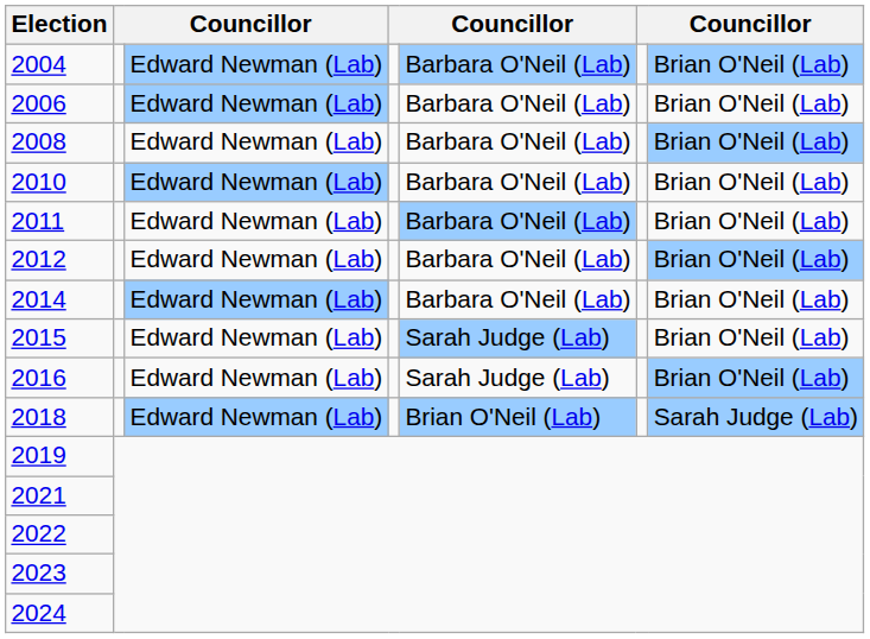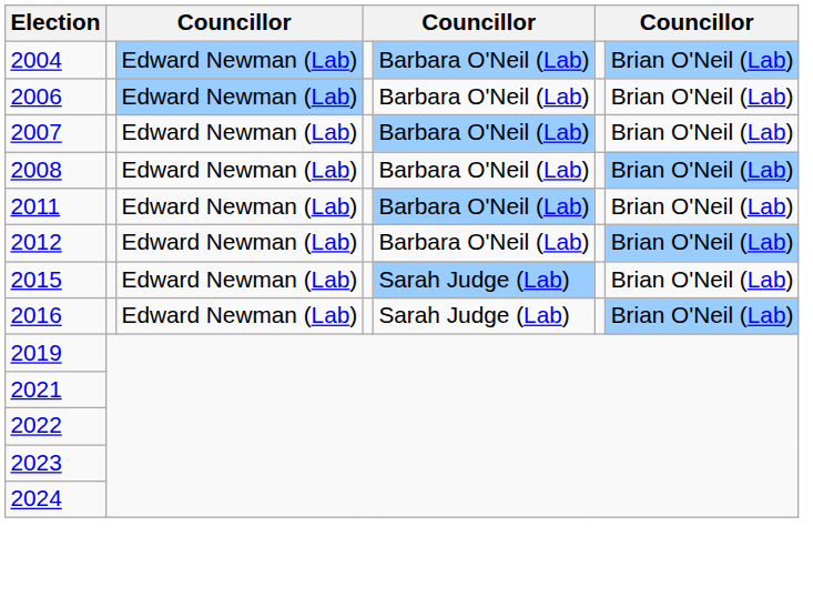 <table class="wikitable">
 <tr>
 <th>Election</th>
 <th colspan="2">Councillor</th>
 <th colspan="2">Councillor</th>
 <th colspan="2">Councillor</th>
 </tr>
 <tr>
 <td><a href='#'>2004</a></td>
 <td style="background-color: "></td>
 <td bgcolor="#99CCFF">Edward Newman (<a href='#'>Lab</a>)</td>
 <td style="background-color: "></td>
 <td bgcolor="#99CCFF">Barbara O'Neil (<a href='#'>Lab</a>)</td>
 <td style="background-color: "></td>
 <td bgcolor="#99CCFF">Brian O'Neil (<a href='#'>Lab</a>)</td>
 </tr>
 <tr>
 <td><a href='#'>2006</a></td>
 <td style="background-color: "></td>
 <td bgcolor="#99CCFF">Edward Newman (<a href='#'>Lab</a>)</td>
 <td style="background-color: "></td>
 <td>Barbara O'Neil (<a href='#'>Lab</a>)</td>
 <td style="background-color: "></td>
 <td>Brian O'Neil (<a href='#'>Lab</a>)</td>
 </tr>
 <tr>
+<td><a href='#'>2007</a></td>
+<td style="background-color: "></td>
+<td>Edward Newman (<a href='#'>Lab</a>)</td>
+<td style="background-color: "></td>
+<td bgcolor="#99CCFF">Barbara O'Neil (<a href='#'>Lab</a>)</td>
+<td style="background-color: "></td>
+<td>Brian O'Neil (<a href='#'>Lab</a>)</td>
+</tr>
+<tr>
 <td><a href='#'>2008</a></td>
 <td style="background-color: "></td>
 <td>Edward Newman (<a href='#'>Lab</a>)</td>
 <td style="background-color: "></td>
 <td>Barbara O'Neil (<a href='#'>Lab</a>)</td>
 <td style="background-color: "></td>
 <td bgcolor="#99CCFF">Brian O'Neil (<a href='#'>Lab</a>)</td>
-</tr>
-<tr>
-<td><a href='#'>2010</a></td>
-<td style="background-color: "></td>
-<td bgcolor="#99CCFF">Edward Newman (<a href='#'>Lab</a>)</td>
-<td style="background-color: "></td>
-<td>Barbara O'Neil (<a href='#'>Lab</a>)</td>
-<td style="background-color: "></td>
-<td>Brian O'Neil (<a href='#'>Lab</a>)</td>
 </tr>
 <tr>
 <td><a href='#'>2011</a></td>
 <td style="background-color: "></td>
 <td>Edward Newman (<a href='#'>Lab</a>)</td>
 <td style="background-color: "></td>
 <td bgcolor="#99CCFF">Barbara O'Neil (<a href='#'>Lab</a>)</td>
 <td style="background-color: "></td>
 <td>Brian O'Neil (<a href='#'>Lab</a>)</td>
 </tr>
 <tr>
 <td><a href='#'>2012</a></td>
 <td style="background-color: "></td>
 <td>Edward Newman (<a href='#'>Lab</a>)</td>
 <td style="background-color: "></td>
 <td>Barbara O'Neil (<a href='#'>Lab</a>)</td>
 <td style="background-color: "></td>
 <td bgcolor="#99CCFF">Brian O'Neil (<a href='#'>Lab</a>)</td>
 </tr>
 <tr>
-<td><a href='#'>2014</a></td>
-<td style="background-color: "></td>
-<td bgcolor="#99CCFF">Edward Newman (<a href='#'>Lab</a>)</td>
-<td style="background-color: "></td>
-<td>Barbara O'Neil (<a href='#'>Lab</a>)</td>
-<td style="background-color: "></td>
-<td>Brian O'Neil (<a href='#'>Lab</a>)</td>
-</tr>
-<tr>
 <td><a href='#'>2015</a></td>
 <td style="background-color: "></td>
 <td>Edward Newman (<a href='#'>Lab</a>)</td>
 <td style="background-color: "></td>
 <td bgcolor="#99CCFF">Sarah Judge (<a href='#'>Lab</a>)</td>
 <td style="background-color: "></td>
 <td>Brian O'Neil (<a href='#'>Lab</a>)</td>
 </tr>
 <tr>
 <td><a href='#'>2016</a></td>
 <td style="background-color: "></td>
 <td>Edward Newman (<a href='#'>Lab</a>)</td>
 <td style="background-color: "></td>
 <td>Sarah Judge (<a href='#'>Lab</a>)</td>
 <td style="background-color: "></td>
 <td bgcolor="#99CCFF">Brian O'Neil (<a href='#'>Lab</a>)</td>
 </tr>
 <tr>
-<td><a href='#'>2018</a></td>
-<td style="background-color: "></td>
-<td bgcolor="#99CCFF">Edward Newman (<a href='#'>Lab</a>)</td>
-<td style="background-color: "></td>
-<td bgcolor="#99CCFF">Brian O'Neil (<a href='#'>Lab</a>)</td>
-<td style="background-color: "></td>
-<td bgcolor="#99CCFF">Sarah Judge (<a href='#'>Lab</a>)</td>
-</tr>
-<tr>
 <td><a href='#'>2019</a><br>  </td>
 </tr>
 <tr>
 <td><a href='#'>2021</a><br>  </td>
 </tr>
 <tr>
 <td><a href='#'>2022</a><br>  </td>
 </tr>
 <tr>
 <td><a href='#'>2023</a><br>  </td>
 </tr>
 <tr>
 <td><a href='#'>2024</a><br>  </td>
 </tr>
 </table>
